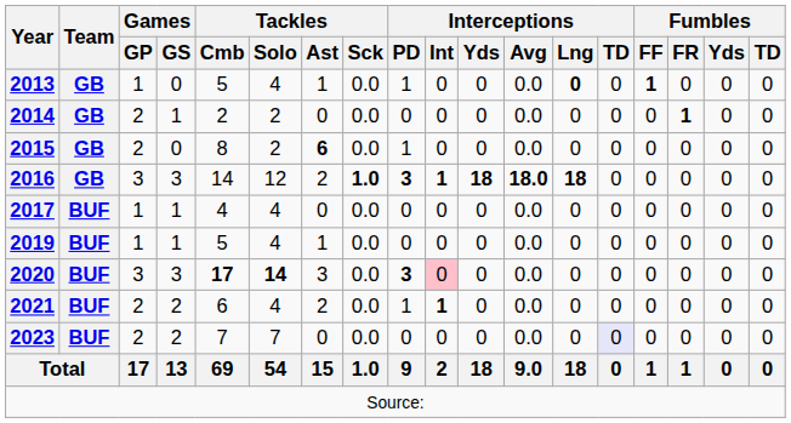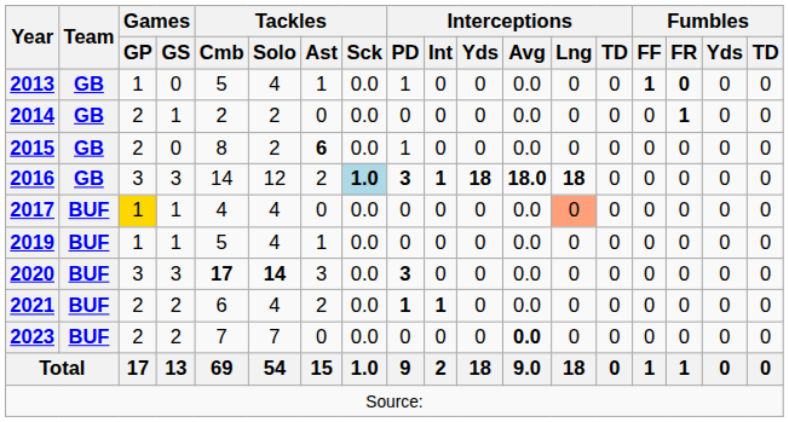 <table class=wikitable style="text-align:center;">
 <tr>
 <th rowspan="2">Year</th>
 <th rowspan="2">Team</th>
 <th colspan="2">Games</th>
 <th colspan="4">Tackles</th>
 <th colspan="6">Interceptions</th>
 <th colspan="4">Fumbles</th>
 </tr>
 <tr>
 <th>GP</th>
 <th>GS</th>
 <th>Cmb</th>
 <th>Solo</th>
 <th>Ast</th>
 <th>Sck</th>
 <th>PD</th>
 <th>Int</th>
 <th>Yds</th>
 <th>Avg</th>
 <th>Lng</th>
 <th>TD</th>
 <th>FF</th>
 <th>FR</th>
 <th>Yds</th>
 <th>TD</th>
 </tr>
 <tr>
 <th><a href='#'>2013</a></th>
 <th><a href='#'>GB</a></th>
 <td>1</td>
 <td>0</td>
 <td>5</td>
 <td>4</td>
 <td>1</td>
 <td>0.0</td>
 <td>1</td>
 <td>0</td>
 <td>0</td>
 <td>0.0</td>
-<td><strong>0</strong></td>
+<td>0</td>
 <td>0</td>
 <td><strong>1</strong></td>
-<td>0</td>
+<td><strong>0</strong></td>
 <td>0</td>
 <td>0</td>
 </tr>
 <tr>
 <th><a href='#'>2014</a></th>
 <th><a href='#'>GB</a></th>
 <td>2</td>
 <td>1</td>
 <td>2</td>
 <td>2</td>
 <td>0</td>
 <td>0.0</td>
 <td>0</td>
 <td>0</td>
 <td>0</td>
 <td>0.0</td>
 <td>0</td>
 <td>0</td>
 <td>0</td>
 <td><strong>1</strong></td>
 <td>0</td>
 <td>0</td>
 </tr>
 <tr>
 <th><a href='#'>2015</a></th>
 <th><a href='#'>GB</a></th>
 <td>2</td>
 <td>0</td>
 <td>8</td>
 <td>2</td>
 <td><strong>6</strong></td>
 <td>0.0</td>
 <td>1</td>
 <td>0</td>
 <td>0</td>
 <td>0.0</td>
 <td>0</td>
 <td>0</td>
 <td>0</td>
 <td>0</td>
 <td>0</td>
 <td>0</td>
 </tr>
 <tr>
 <th><a href='#'>2016</a></th>
 <th><a href='#'>GB</a></th>
 <td>3</td>
 <td>3</td>
 <td>14</td>
 <td>12</td>
 <td>2</td>
-<td><strong>1.0</strong></td>
+<td style="background: lightblue;"><strong>1.0</strong></td>
 <td><strong>3</strong></td>
 <td><strong>1</strong></td>
 <td><strong>18</strong></td>
 <td><strong>18.0</strong></td>
 <td><strong>18</strong></td>
 <td>0</td>
 <td>0</td>
 <td>0</td>
 <td>0</td>
 <td>0</td>
 </tr>
 <tr>
 <th><a href='#'>2017</a></th>
 <th><a href='#'>BUF</a></th>
-<td>1</td>
+<td style="background: gold;">1</td>
 <td>1</td>
 <td>4</td>
 <td>4</td>
 <td>0</td>
 <td>0.0</td>
 <td>0</td>
 <td>0</td>
 <td>0</td>
 <td>0.0</td>
-<td>0</td>
+<td style="background: lightsalmon;">0</td>
 <td>0</td>
 <td>0</td>
 <td>0</td>
 <td>0</td>
 <td>0</td>
 </tr>
 <tr>
 <th><a href='#'>2019</a></th>
 <th><a href='#'>BUF</a></th>
 <td>1</td>
 <td>1</td>
 <td>5</td>
 <td>4</td>
 <td>1</td>
 <td>0.0</td>
 <td>0</td>
 <td>0</td>
 <td>0</td>
 <td>0.0</td>
 <td>0</td>
 <td>0</td>
 <td>0</td>
 <td>0</td>
 <td>0</td>
 <td>0</td>
 </tr>
 <tr>
 <th><a href='#'>2020</a></th>
 <th><a href='#'>BUF</a></th>
 <td>3</td>
 <td>3</td>
 <td><strong>17</strong></td>
 <td><strong>14</strong></td>
 <td>3</td>
 <td>0.0</td>
 <td><strong>3</strong></td>
-<td style="background: pink;">0</td>
+<td>0</td>
 <td>0</td>
 <td>0.0</td>
 <td>0</td>
 <td>0</td>
 <td>0</td>
 <td>0</td>
 <td>0</td>
 <td>0</td>
 </tr>
 <tr>
 <th><a href='#'>2021</a></th>
 <th><a href='#'>BUF</a></th>
 <td>2</td>
 <td>2</td>
 <td>6</td>
 <td>4</td>
 <td>2</td>
 <td>0.0</td>
-<td>1</td>
+<td><strong>1</strong></td>
 <td><strong>1</strong></td>
 <td>0</td>
 <td>0.0</td>
 <td>0</td>
 <td>0</td>
 <td>0</td>
 <td>0</td>
 <td>0</td>
 <td>0</td>
 </tr>
 <tr>
 <th><a href='#'>2023</a></th>
 <th><a href='#'>BUF</a></th>
 <td>2</td>
 <td>2</td>
 <td>7</td>
 <td>7</td>
 <td>0</td>
 <td>0.0</td>
 <td>0</td>
 <td>0</td>
 <td>0</td>
-<td>0.0</td>
+<td><strong>0.0</strong></td>
 <td>0</td>
-<td style="background: lavender;">0</td>
+<td>0</td>
 <td>0</td>
 <td>0</td>
 <td>0</td>
 <td>0</td>
 </tr>
 <tr>
 <th colspan="2">Total</th>
 <th>17</th>
 <th>13</th>
 <th>69</th>
 <th>54</th>
 <th>15</th>
 <th>1.0</th>
 <th>9</th>
 <th>2</th>
 <th>18</th>
 <th>9.0</th>
 <th>18</th>
 <th>0</th>
 <th>1</th>
 <th>1</th>
 <th>0</th>
 <th>0</th>
 </tr>
 <tr>
 <td colspan="18"><small>Source: </small></td>
 </tr>
 </table>
